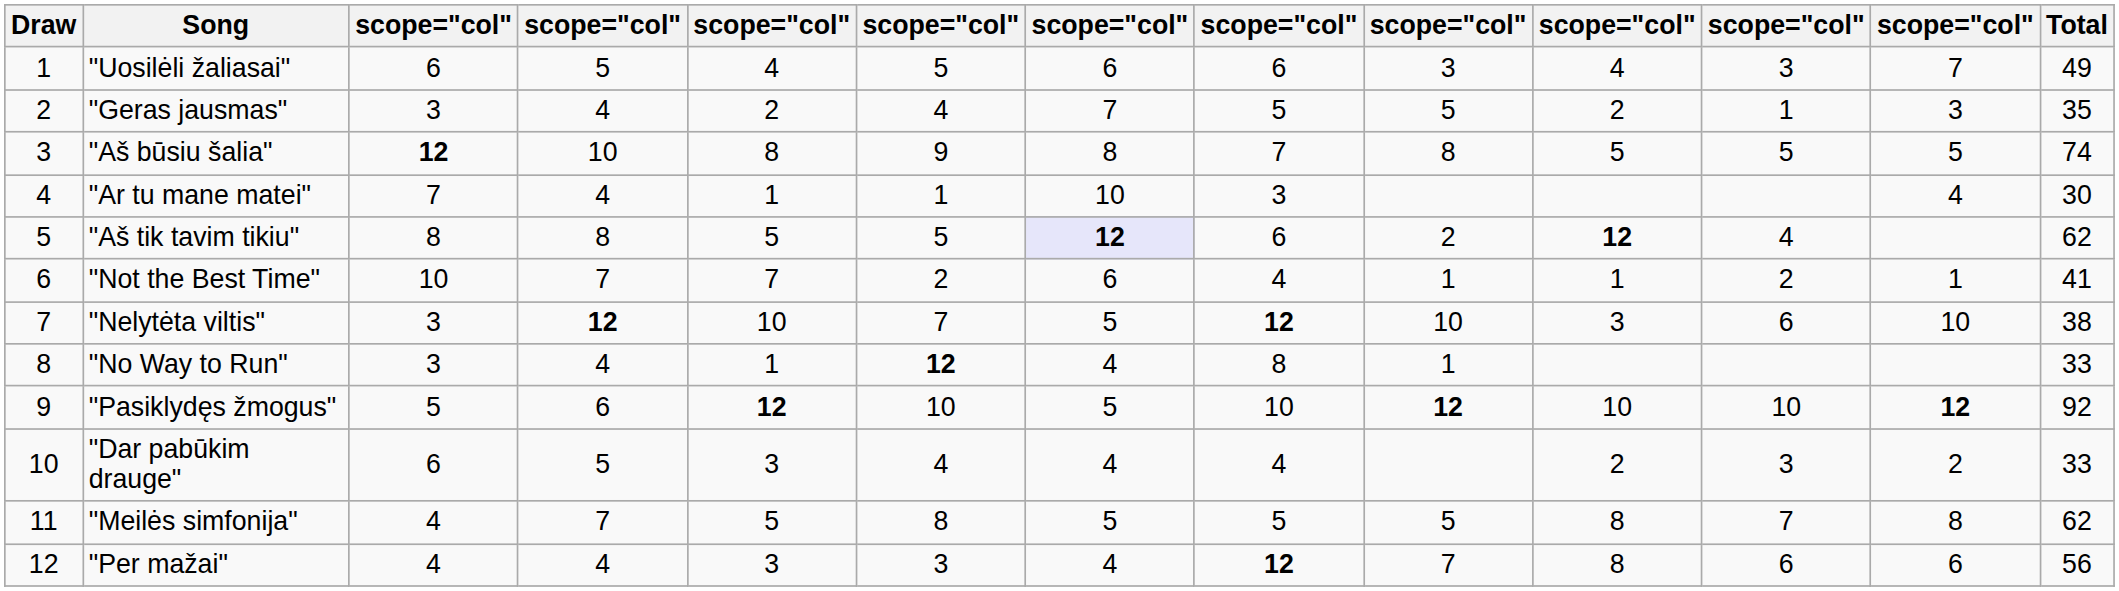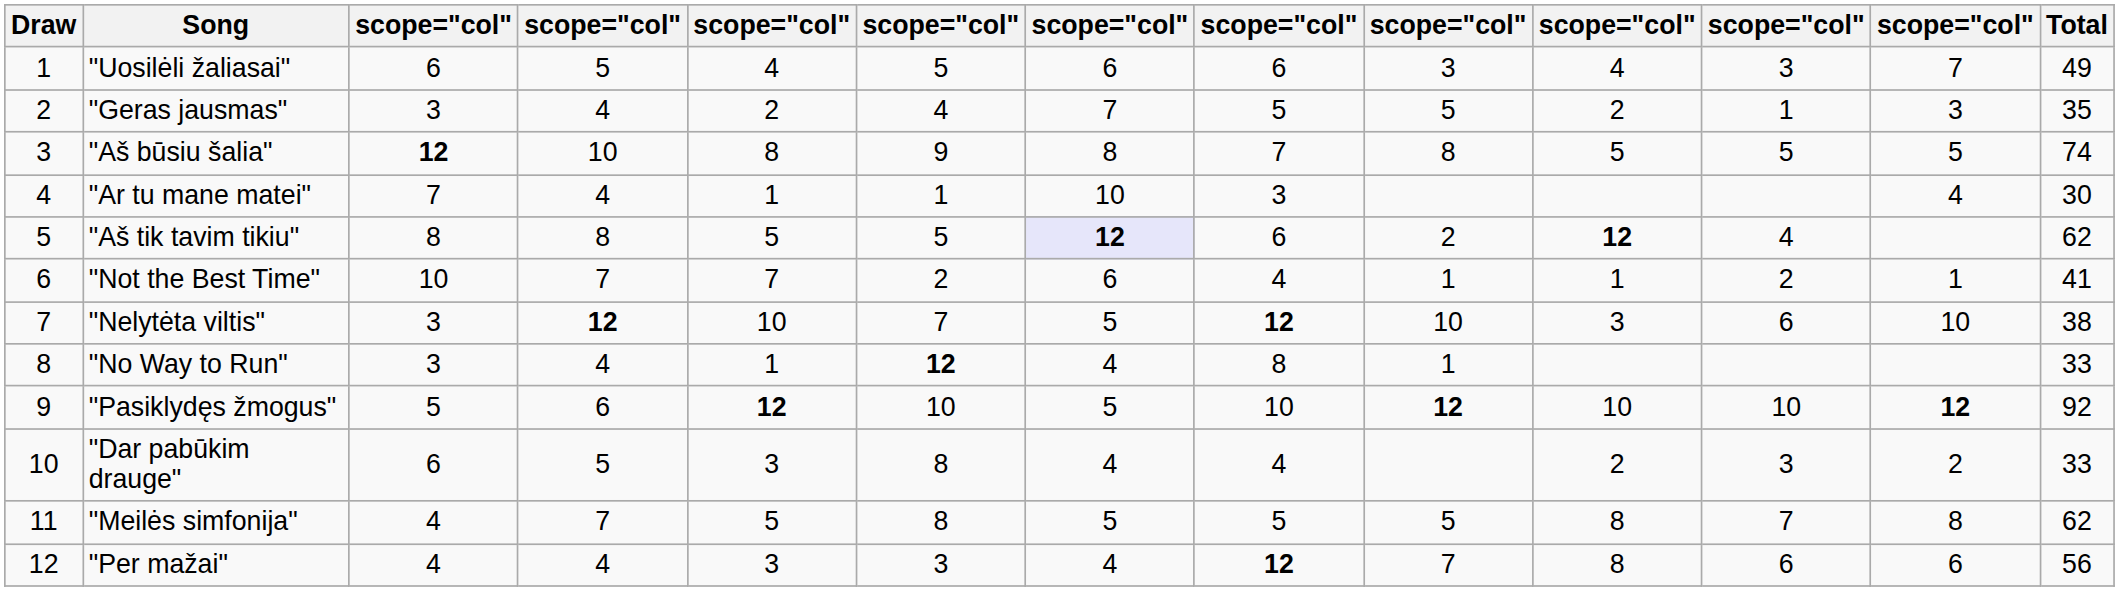 <table class="wikitable collapsible" style="margin: 1em auto 1em auto; text-align:center">
 <tr>
 <th>Draw</th>
 <th>Song</th>
 <th>scope="col" </th>
 <th>scope="col" </th>
 <th>scope="col" </th>
 <th>scope="col" </th>
 <th>scope="col" </th>
 <th>scope="col" </th>
 <th>scope="col" </th>
 <th>scope="col" </th>
 <th>scope="col" </th>
 <th>scope="col" </th>
 <th>Total</th>
 </tr>
 <tr>
 <td>1</td>
 <td align="left">"Uosilėli žaliasai"</td>
 <td>6</td>
 <td>5</td>
 <td>4</td>
 <td>5</td>
 <td>6</td>
 <td>6</td>
 <td>3</td>
 <td>4</td>
 <td>3</td>
 <td>7</td>
 <td>49</td>
 </tr>
 <tr>
 <td>2</td>
 <td align="left">"Geras jausmas"</td>
 <td>3</td>
 <td>4</td>
 <td>2</td>
 <td>4</td>
 <td>7</td>
 <td>5</td>
 <td>5</td>
 <td>2</td>
 <td>1</td>
 <td>3</td>
 <td>35</td>
 </tr>
 <tr>
 <td>3</td>
 <td align="left">"Aš būsiu šalia"</td>
 <td><strong>12</strong></td>
 <td>10</td>
 <td>8</td>
 <td>9</td>
 <td>8</td>
 <td>7</td>
 <td>8</td>
 <td>5</td>
 <td>5</td>
 <td>5</td>
 <td>74</td>
 </tr>
 <tr>
 <td>4</td>
 <td align="left">"Ar tu mane matei"</td>
 <td>7</td>
 <td>4</td>
 <td>1</td>
 <td>1</td>
 <td>10</td>
 <td>3</td>
 <td></td>
 <td></td>
 <td></td>
 <td>4</td>
 <td>30</td>
 </tr>
 <tr>
 <td>5</td>
 <td align="left">"Aš tik tavim tikiu"</td>
 <td>8</td>
 <td>8</td>
 <td>5</td>
 <td>5</td>
 <td style="background: lavender;"><strong>12</strong></td>
 <td>6</td>
 <td>2</td>
 <td><strong>12</strong></td>
 <td>4</td>
 <td></td>
 <td>62</td>
 </tr>
 <tr>
 <td>6</td>
 <td align="left">"Not the Best Time"</td>
 <td>10</td>
 <td>7</td>
 <td>7</td>
 <td>2</td>
 <td>6</td>
 <td>4</td>
 <td>1</td>
 <td>1</td>
 <td>2</td>
 <td>1</td>
 <td>41</td>
 </tr>
 <tr>
 <td>7</td>
 <td align="left">"Nelytėta viltis"</td>
 <td>3</td>
 <td><strong>12</strong></td>
 <td>10</td>
 <td>7</td>
 <td>5</td>
 <td><strong>12</strong></td>
 <td>10</td>
 <td>3</td>
 <td>6</td>
 <td>10</td>
 <td>38</td>
 </tr>
 <tr>
 <td>8</td>
 <td align="left">"No Way to Run"</td>
 <td>3</td>
 <td>4</td>
 <td>1</td>
 <td><strong>12</strong></td>
 <td>4</td>
 <td>8</td>
 <td>1</td>
 <td></td>
 <td></td>
 <td></td>
 <td>33</td>
 </tr>
 <tr>
 <td>9</td>
 <td align="left">"Pasiklydęs žmogus"</td>
 <td>5</td>
 <td>6</td>
 <td><strong>12</strong></td>
 <td>10</td>
 <td>5</td>
 <td>10</td>
 <td><strong>12</strong></td>
 <td>10</td>
 <td>10</td>
 <td><strong>12</strong></td>
 <td>92</td>
 </tr>
 <tr>
 <td>10</td>
 <td align="left">"Dar pabūkim drauge"</td>
 <td>6</td>
 <td>5</td>
 <td>3</td>
-<td>4</td>
+<td>8</td>
 <td>4</td>
 <td>4</td>
 <td></td>
 <td>2</td>
 <td>3</td>
 <td>2</td>
 <td>33</td>
 </tr>
 <tr>
 <td>11</td>
 <td align="left">"Meilės simfonija"</td>
 <td>4</td>
 <td>7</td>
 <td>5</td>
 <td>8</td>
 <td>5</td>
 <td>5</td>
 <td>5</td>
 <td>8</td>
 <td>7</td>
 <td>8</td>
 <td>62</td>
 </tr>
 <tr>
 <td>12</td>
 <td align="left">"Per mažai"</td>
 <td>4</td>
 <td>4</td>
 <td>3</td>
 <td>3</td>
 <td>4</td>
 <td><strong>12</strong></td>
 <td>7</td>
 <td>8</td>
 <td>6</td>
 <td>6</td>
 <td>56</td>
 </tr>
 </table>
